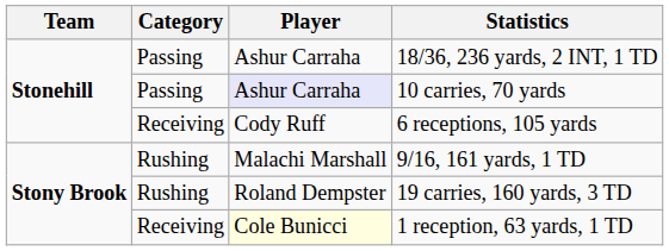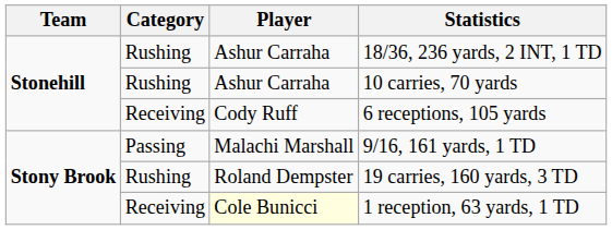 <table class="wikitable" style="float: right;">
 <tr>
 <th>Team</th>
 <th>Category</th>
 <th>Player</th>
 <th>Statistics</th>
 </tr>
 <tr>
 <td rowspan=3><strong>Stonehill</strong></td>
-<td>Passing</td>
+<td>Rushing</td>
 <td>Ashur Carraha</td>
 <td>18/36, 236 yards, 2 INT, 1 TD</td>
 </tr>
 <tr>
-<td>Passing</td>
-<td style="background: lavender;">Ashur Carraha</td>
+<td>Rushing</td>
+<td>Ashur Carraha</td>
 <td>10 carries, 70 yards</td>
 </tr>
 <tr>
 <td>Receiving</td>
 <td>Cody Ruff</td>
 <td>6 receptions, 105 yards</td>
 </tr>
 <tr>
 <td rowspan=3><strong>Stony Brook</strong></td>
-<td>Rushing</td>
+<td>Passing</td>
 <td>Malachi Marshall</td>
 <td>9/16, 161 yards, 1 TD</td>
 </tr>
 <tr>
 <td>Rushing</td>
 <td>Roland Dempster</td>
 <td>19 carries, 160 yards, 3 TD</td>
 </tr>
 <tr>
 <td>Receiving</td>
 <td style="background: lightyellow;">Cole Bunicci</td>
 <td>1 reception, 63 yards, 1 TD</td>
 </tr>
 </table>
